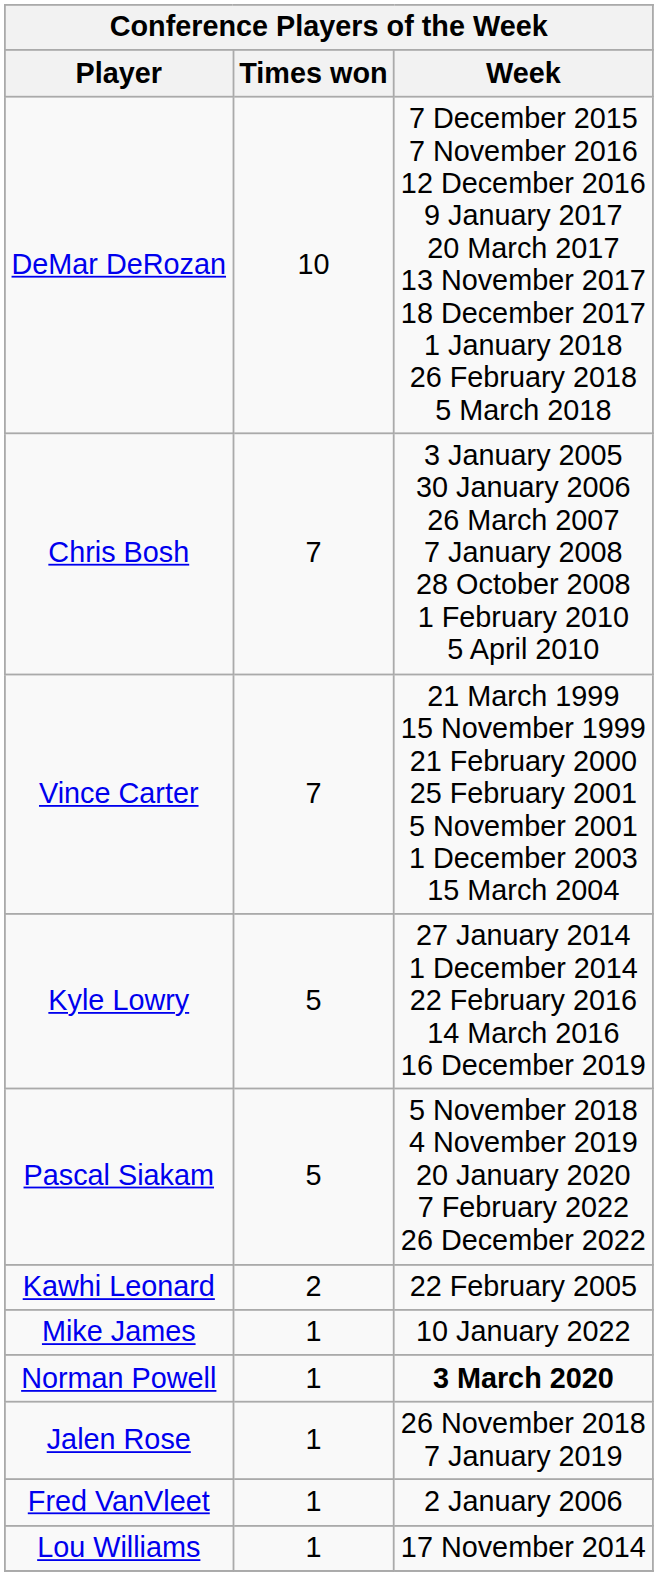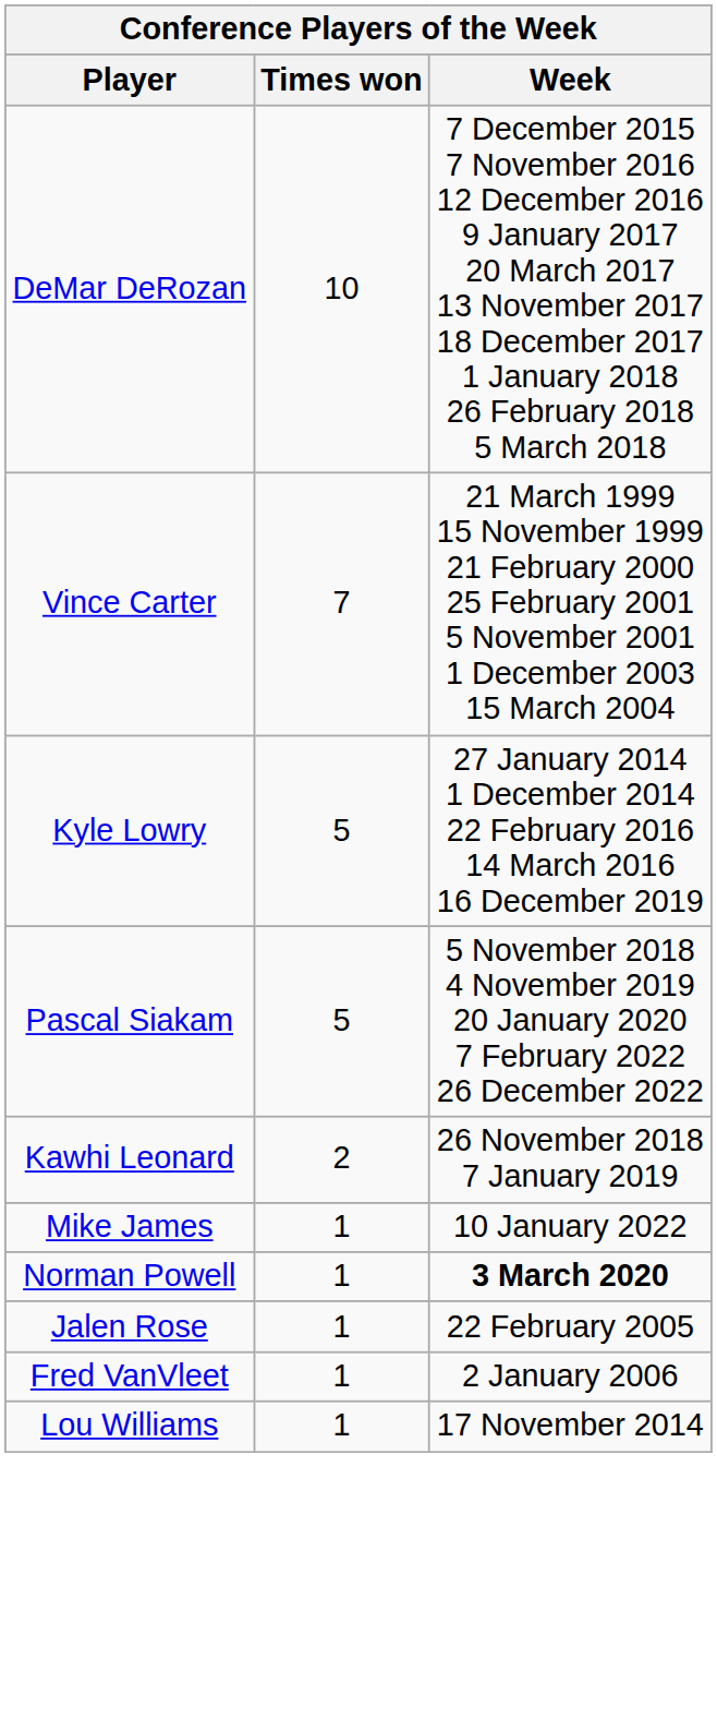 <table class="wikitable" style="text-align:center">
 <tr>
 <th colspan="3">Conference Players of the Week</th>
 </tr>
 <tr>
 <th>Player</th>
 <th>Times won</th>
 <th>Week</th>
 </tr>
 <tr>
 <td><a href='#'>DeMar DeRozan</a></td>
 <td>10</td>
 <td>7 December 2015<br>7 November 2016<br>12 December 2016<br>9 January 2017<br>20 March 2017<br>13 November 2017<br>18 December 2017<br>1 January 2018<br>26 February 2018<br>5 March 2018</td>
-</tr>
-<tr>
-<td><a href='#'>Chris Bosh</a></td>
-<td>7</td>
-<td>3 January 2005<br>30 January 2006<br>26 March 2007<br>7 January 2008<br>28 October 2008<br>1 February 2010<br>5 April 2010</td>
 </tr>
 <tr>
 <td><a href='#'>Vince Carter</a></td>
 <td>7</td>
 <td>21 March 1999<br>15 November 1999<br>21 February 2000<br>25 February 2001<br>5 November 2001<br>1 December 2003<br>15 March 2004</td>
 </tr>
 <tr>
 <td><a href='#'>Kyle Lowry</a></td>
 <td>5</td>
 <td>27 January 2014<br>1 December 2014<br>22 February 2016<br>14 March 2016<br>16 December 2019</td>
 </tr>
 <tr>
 <td><a href='#'>Pascal Siakam</a></td>
 <td>5</td>
 <td>5 November 2018<br>4 November 2019<br>20 January 2020<br>7 February 2022<br>26 December 2022</td>
 </tr>
 <tr>
 <td><a href='#'>Kawhi Leonard</a></td>
 <td>2</td>
-<td>22 February 2005</td>
+<td>26 November 2018<br>7 January 2019</td>
 </tr>
 <tr>
 <td><a href='#'>Mike James</a></td>
 <td>1</td>
 <td>10 January 2022</td>
 </tr>
 <tr>
 <td><a href='#'>Norman Powell</a></td>
 <td>1</td>
 <td><strong>3 March 2020</strong></td>
 </tr>
 <tr>
 <td><a href='#'>Jalen Rose</a></td>
 <td>1</td>
-<td>26 November 2018<br>7 January 2019</td>
+<td>22 February 2005</td>
 </tr>
 <tr>
 <td><a href='#'>Fred VanVleet</a></td>
 <td>1</td>
 <td>2 January 2006</td>
 </tr>
 <tr>
 <td><a href='#'>Lou Williams</a></td>
 <td>1</td>
 <td>17 November 2014</td>
 </tr>
 <tr>
 </tr>
 </table>
